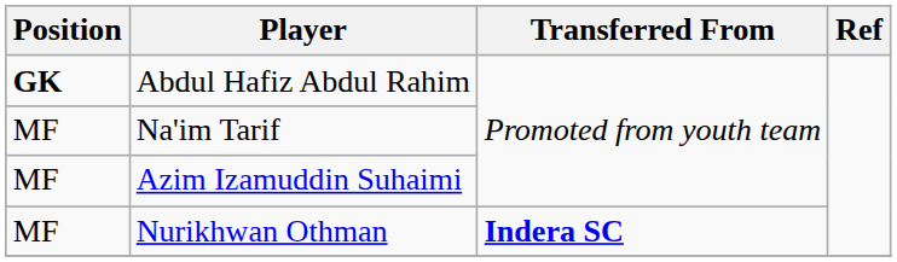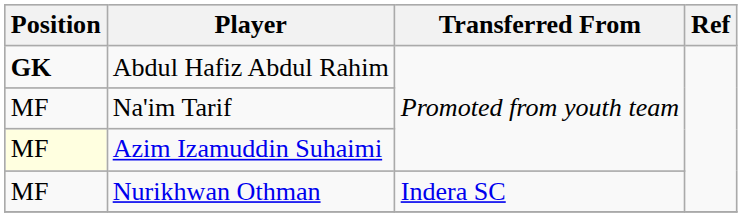 <table class="wikitable sortable" style="text-align:center; font-size:100%; text-align:left;">
 <tr>
 <th>Position</th>
 <th>Player</th>
 <th>Transferred From</th>
 <th>Ref</th>
 </tr>
 <tr>
 <td><strong>GK</strong></td>
 <td> Abdul Hafiz Abdul Rahim</td>
 <td rowspan="3" text-align:center><em>Promoted from youth team</em></td>
 <td rowspan="4" text-align:center></td>
 </tr>
 <tr>
 <td>MF</td>
 <td> Na'im Tarif</td>
 </tr>
 <tr>
-<td>MF</td>
+<td style="background: lightyellow;">MF</td>
 <td> <a href='#'>Azim Izamuddin Suhaimi</a></td>
 </tr>
 <tr>
 <td>MF</td>
 <td> <a href='#'>Nurikhwan Othman</a></td>
-<td><strong> <a href='#'>Indera SC</a></strong></td>
+<td> <a href='#'>Indera SC</a></td>
 </tr>
 <tr>
 </tr>
 </table>
